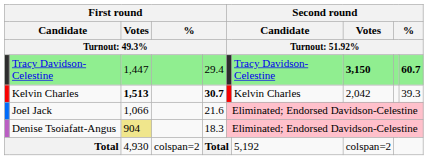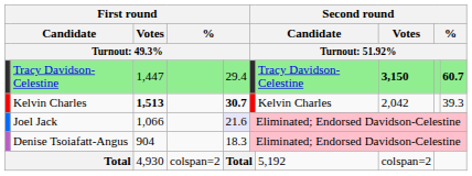 <table class="wikitable plainrowheaders">
 <tr>
 <th colspan="5">First round</th>
 <th colspan="5">Second round</th>
 </tr>
 <tr>
 <th colspan="2">Candidate</th>
 <th>Votes</th>
 <th colspan="2">%</th>
 <th colspan="2">Candidate</th>
 <th>Votes</th>
 <th colspan="2">%</th>
 </tr>
 <tr style="font-size:85%">
 <th colspan="5" scope="row" style="text-align:center"><strong>Turnout:</strong>  49.3%</th>
 <th colspan="5"><strong>Turnout:</strong>  51.92%</th>
 </tr>
 <tr style="background:lightgreen;">
 <td style="background:#2D2D2D;"></td>
 <td><a href='#'>Tracy Davidson-Celestine</a></td>
 <td>1,447</td>
 <td></td>
 <td>29.4</td>
 <td style="background:#2D2D2D;"></td>
 <td><a href='#'>Tracy Davidson-Celestine</a> </td>
 <td><strong>3,150</strong></td>
 <td></td>
 <td><strong>60.7</strong></td>
 </tr>
 <tr>
 <td style="background:#F90001;"></td>
 <td>Kelvin Charles</td>
 <td><strong>1,513</strong></td>
 <td></td>
 <td><strong>30.7</strong></td>
 <td style="background:#F90001;"></td>
 <td>Kelvin Charles</td>
 <td>2,042</td>
 <td></td>
 <td>39.3</td>
 </tr>
 <tr>
 <td style="background:#006CFB;"></td>
 <td>Joel Jack </td>
 <td>1,066</td>
 <td></td>
-<td>21.6</td>
+<td style="background: lavender;">21.6</td>
 <td colspan="5" style="background:pink; color:black; text-align:center;">Eliminated; Endorsed Davidson-Celestine</td>
 </tr>
 <tr>
 <td style="background:#BB5EC4;"></td>
 <td>Denise Tsoiafatt-Angus </td>
-<td style="background: khaki;">904</td>
+<td>904</td>
 <td></td>
 <td>18.3</td>
 <td colspan="5" style="background:pink; color:black; text-align:center;">Eliminated; Endorsed Davidson-Celestine</td>
 </tr>
 <tr>
 <th colspan="2" style="text-align:right;">Total</th>
 <td>4,930</td>
 <td>colspan=2 </td>
 <th colspan="2">Total</th>
 <td>5,192</td>
 <td>colspan=2 </td>
 </tr>
 </table>
